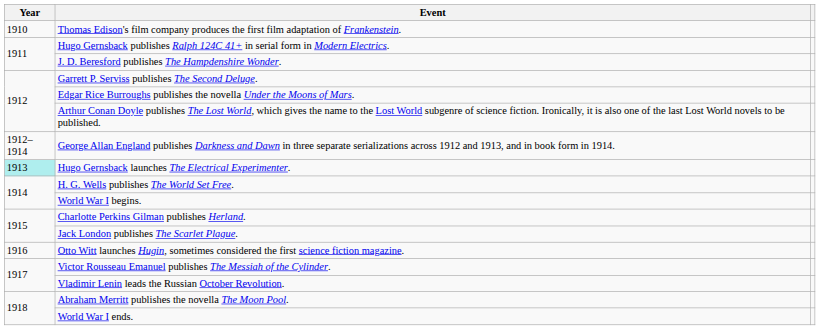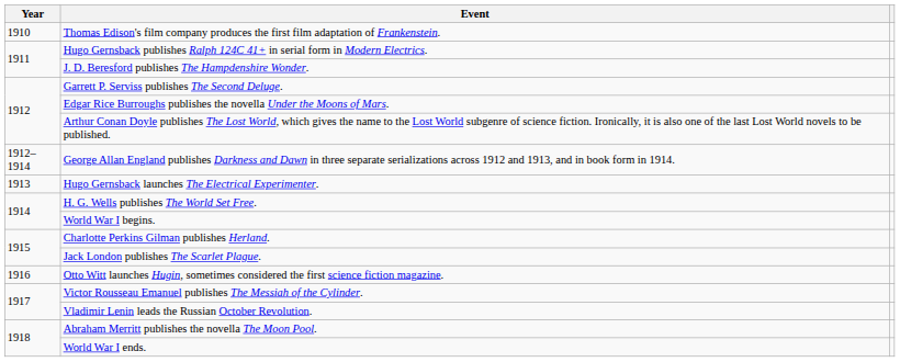 <table class="wikitable">
 <tr>
 <th scope="col">Year</th>
 <th scope="col">Event</th>
 <th></th>
 </tr>
 <tr>
 <td>1910</td>
 <td><a href='#'>Thomas Edison</a>'s film company produces the first film adaptation of <em><a href='#'>Frankenstein</a></em>.</td>
 <td></td>
 </tr>
 <tr>
 <td rowspan="2">1911</td>
 <td><a href='#'>Hugo Gernsback</a> publishes <em><a href='#'>Ralph 124C 41+</a></em> in serial form in <em><a href='#'>Modern Electrics</a></em>.</td>
 <td></td>
 </tr>
 <tr>
 <td><a href='#'>J. D. Beresford</a> publishes <em><a href='#'>The Hampdenshire Wonder</a></em>.</td>
 <td></td>
 </tr>
 <tr>
 <td rowspan="3">1912</td>
 <td><a href='#'>Garrett P. Serviss</a> publishes <em><a href='#'>The Second Deluge</a></em>.</td>
 <td></td>
 </tr>
 <tr>
 <td><a href='#'>Edgar Rice Burroughs</a> publishes the novella <em><a href='#'>Under the Moons of Mars</a></em>.</td>
 <td></td>
 </tr>
 <tr>
 <td><a href='#'>Arthur Conan Doyle</a> publishes <em><a href='#'>The Lost World</a></em>, which gives the name to the <a href='#'>Lost World</a> subgenre of science fiction. Ironically, it is also one of the last Lost World novels to be published.</td>
 <td></td>
 </tr>
 <tr>
 <td>1912–1914</td>
 <td><a href='#'>George Allan England</a> publishes <em><a href='#'>Darkness and Dawn</a></em> in three separate serializations across 1912 and 1913, and in book form in 1914.</td>
 <td></td>
 </tr>
 <tr>
-<td style="background: paleturquoise;">1913</td>
+<td>1913</td>
 <td><a href='#'>Hugo Gernsback</a> launches <em><a href='#'>The Electrical Experimenter</a></em>.</td>
 <td></td>
 </tr>
 <tr>
 <td rowspan="2">1914</td>
 <td><a href='#'>H. G. Wells</a> publishes <em><a href='#'>The World Set Free</a></em>.</td>
 <td></td>
 </tr>
 <tr>
 <td><a href='#'>World War I</a> begins.</td>
 <td></td>
 </tr>
 <tr>
 <td rowspan="2">1915</td>
 <td><a href='#'>Charlotte Perkins Gilman</a> publishes <em><a href='#'>Herland</a></em>.</td>
 <td></td>
 </tr>
 <tr>
 <td><a href='#'>Jack London</a> publishes <em><a href='#'>The Scarlet Plague</a></em>.</td>
 <td></td>
 </tr>
 <tr>
 <td>1916</td>
 <td><a href='#'>Otto Witt</a> launches <em><a href='#'>Hugin</a></em>, sometimes considered the first <a href='#'>science fiction magazine</a>.</td>
 <td></td>
 </tr>
 <tr>
 <td rowspan="2">1917</td>
 <td><a href='#'>Victor Rousseau Emanuel</a> publishes <em><a href='#'>The Messiah of the Cylinder</a></em>.</td>
 <td></td>
 </tr>
 <tr>
 <td><a href='#'>Vladimir Lenin</a> leads the Russian <a href='#'>October Revolution</a>.</td>
 <td></td>
 </tr>
 <tr>
 <td rowspan="2">1918</td>
 <td><a href='#'>Abraham Merritt</a> publishes the novella <em><a href='#'>The Moon Pool</a></em>.</td>
 <td></td>
 </tr>
 <tr>
 <td><a href='#'>World War I</a> ends.</td>
 <td></td>
 </tr>
 </table>
